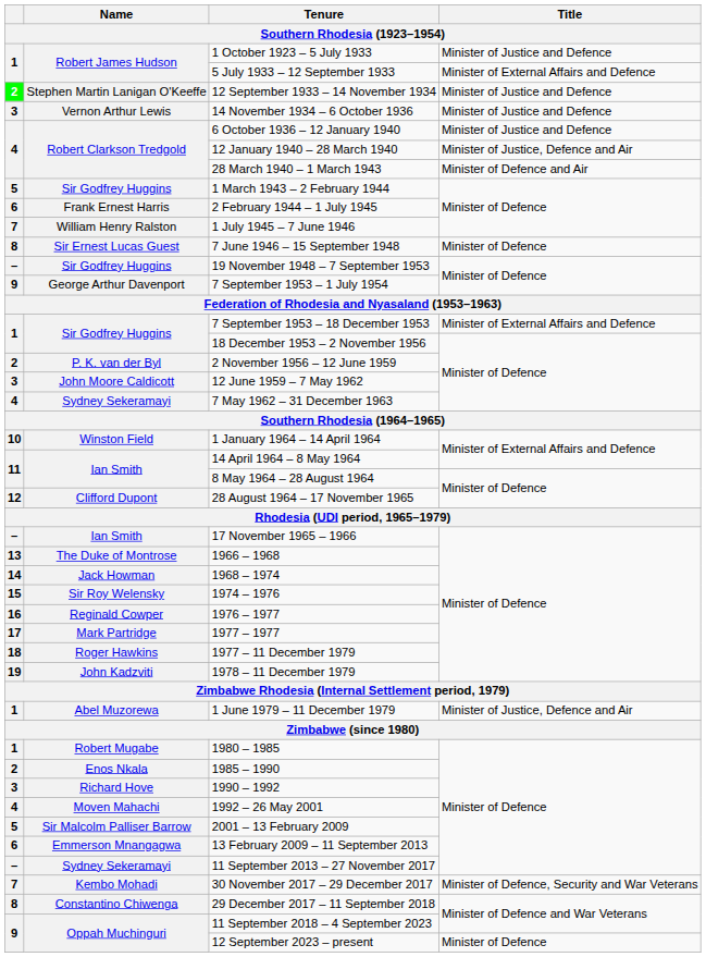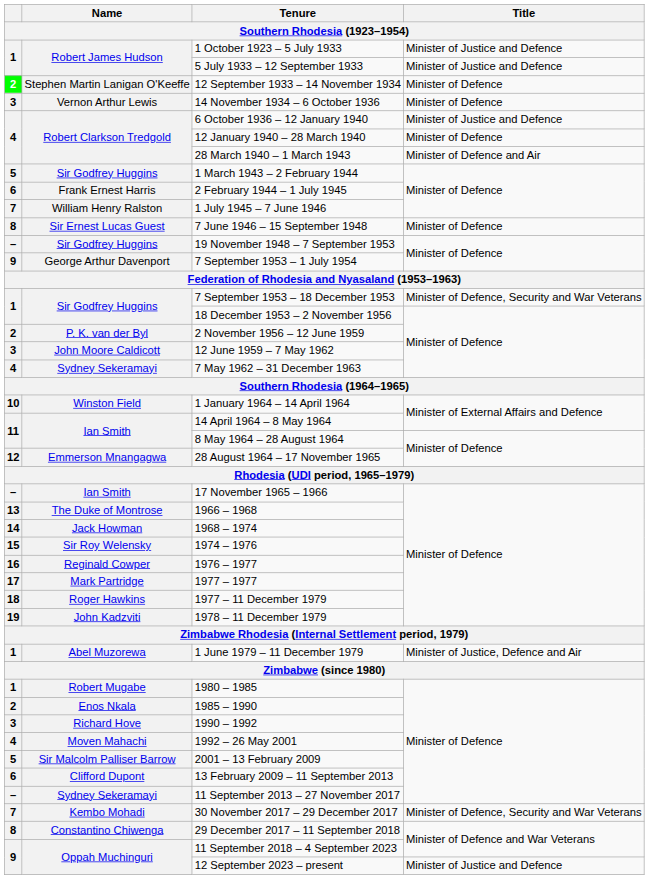 <table class="wikitable">
 <tr>
 <th></th>
 <th>Name</th>
 <th>Tenure</th>
 <th>Title</th>
 </tr>
 <tr>
 <th colspan="4" align="center"><a href='#'>Southern Rhodesia</a> (1923–1954)</th>
 </tr>
 <tr>
 <th rowspan="2" style="background-color:">1</th>
 <th rowspan="2" align="center" scope="row" style="font-weight:normal;"><a href='#'>Robert James Hudson</a></th>
 <td>1 October 1923 – 5 July 1933</td>
 <td>Minister of Justice and Defence</td>
 </tr>
 <tr>
 <td>5 July 1933 – 12 September 1933</td>
-<td>Minister of External Affairs and Defence</td>
+<td>Minister of Justice and Defence</td>
 </tr>
 <tr>
 <th style="background-color:Lime; color:white">2</th>
 <th align="center" scope="row" style="font-weight:normal;">Stephen Martin Lanigan O'Keeffe</th>
 <td>12 September 1933 – 14 November 1934</td>
-<td>Minister of Justice and Defence</td>
+<td>Minister of Defence</td>
 </tr>
 <tr>
 <th style="background-color:">3</th>
 <th align="center" scope="row" style="font-weight:normal;">Vernon Arthur Lewis</th>
 <td>14 November 1934 – 6 October 1936</td>
-<td>Minister of Justice and Defence</td>
+<td>Minister of Defence</td>
 </tr>
 <tr>
 <th rowspan="3" style="background-color:">4</th>
 <th rowspan="3" align="center" scope="row" style="font-weight:normal;"><a href='#'>Robert Clarkson Tredgold</a></th>
 <td>6 October 1936 – 12 January 1940</td>
 <td>Minister of Justice and Defence</td>
 </tr>
 <tr>
 <td>12 January 1940 – 28 March 1940</td>
-<td>Minister of Justice, Defence and Air</td>
+<td>Minister of Defence</td>
 </tr>
 <tr>
 <td>28 March 1940 – 1 March 1943</td>
 <td>Minister of Defence and Air</td>
 </tr>
 <tr>
 <th style="background-color:">5</th>
 <th align="center" scope="row" style="font-weight:normal;"><a href='#'>Sir Godfrey Huggins</a></th>
 <td>1 March 1943 – 2 February 1944</td>
 <td rowspan="3">Minister of Defence</td>
 </tr>
 <tr>
 <th style="background-color:">6</th>
 <th align="center" scope="row" style="font-weight:normal;">Frank Ernest Harris</th>
 <td>2 February 1944 – 1 July 1945</td>
 </tr>
 <tr>
 <th style="background-color:">7</th>
 <th align="center" scope="row" style="font-weight:normal;">William Henry Ralston</th>
 <td>1 July 1945 – 7 June 1946</td>
 </tr>
 <tr>
 <th style="background-color:">8</th>
 <th align="center" scope="row" style="font-weight:normal;"><a href='#'>Sir Ernest Lucas Guest</a></th>
 <td>7 June 1946 – 15 September 1948</td>
 <td>Minister of Defence</td>
 </tr>
 <tr>
 <th style="background-color:">–</th>
 <th align="center" scope="row" style="font-weight:normal;"><a href='#'>Sir Godfrey Huggins</a></th>
 <td>19 November 1948 – 7 September 1953</td>
 <td rowspan="2">Minister of Defence</td>
 </tr>
 <tr>
 <th style="background-color:">9</th>
 <th align="center" scope="row" style="font-weight:normal;">George Arthur Davenport</th>
 <td>7 September 1953 – 1 July 1954</td>
 </tr>
 <tr>
 <th colspan="4" align="center"><a href='#'>Federation of Rhodesia and Nyasaland</a> (1953–1963)</th>
 </tr>
 <tr>
 <th rowspan="2" style="background-color:">1</th>
 <th rowspan="2" align="center" scope="row" style="font-weight:normal;"><a href='#'>Sir Godfrey Huggins</a></th>
 <td>7 September 1953 – 18 December 1953</td>
-<td>Minister of External Affairs and Defence</td>
+<td>Minister of Defence, Security and War Veterans</td>
 </tr>
 <tr>
 <td>18 December 1953 – 2 November 1956</td>
 <td rowspan="4">Minister of Defence</td>
 </tr>
 <tr>
 <th style="background-color:">2</th>
 <th align="center" scope="row" style="font-weight:normal;"><a href='#'>P. K. van der Byl</a></th>
 <td>2 November 1956 – 12 June 1959</td>
 </tr>
 <tr>
 <th style="background-color:">3</th>
 <th align="center" scope="row" style="font-weight:normal;"><a href='#'>John Moore Caldicott</a></th>
 <td>12 June 1959 – 7 May 1962</td>
 </tr>
 <tr>
 <th style="background-color:">4</th>
 <th align="center" scope="row" style="font-weight:normal;"><a href='#'>Sydney Sekeramayi</a></th>
 <td>7 May 1962 – 31 December 1963</td>
 </tr>
 <tr>
 <th colspan="4" align="center"><a href='#'>Southern Rhodesia</a> (1964–1965)</th>
 </tr>
 <tr>
 <th style="background-color:">10</th>
 <th align="center" scope="row" style="font-weight:normal;"><a href='#'>Winston Field</a></th>
 <td>1 January 1964 – 14 April 1964</td>
 <td rowspan="2">Minister of External Affairs and Defence</td>
 </tr>
 <tr>
 <th rowspan="2" style="background-color:">11</th>
 <th rowspan="2" align="center" scope="row" style="font-weight:normal;"><a href='#'>Ian Smith</a></th>
 <td>14 April 1964 – 8 May 1964</td>
 </tr>
 <tr>
 <td>8 May 1964 – 28 August 1964</td>
 <td rowspan="2">Minister of Defence</td>
 </tr>
 <tr>
 <th style="background-color:">12</th>
-<th align="center" scope="row" style="font-weight:normal;"><a href='#'>Clifford Dupont</a></th>
+<th align="center" scope="row" style="font-weight:normal;"><a href='#'>Emmerson Mnangagwa</a></th>
 <td>28 August 1964 – 17 November 1965</td>
 </tr>
 <tr>
 <th colspan="4" align="center"><a href='#'>Rhodesia</a> (<a href='#'>UDI</a> period, 1965–1979)</th>
 </tr>
 <tr>
 <th style="background-color:">–</th>
 <th align="center" scope="row" style="font-weight:normal;"><a href='#'>Ian Smith</a></th>
 <td>17 November 1965 – 1966</td>
 <td rowspan="8">Minister of Defence</td>
 </tr>
 <tr>
 <th style="background-color:">13</th>
 <th align="center" scope="row" style="font-weight:normal;"><a href='#'>The Duke of Montrose</a></th>
 <td>1966 – 1968</td>
 </tr>
 <tr>
 <th style="background-color:">14</th>
 <th align="center" scope="row" style="font-weight:normal;"><a href='#'>Jack Howman</a></th>
 <td>1968 – 1974</td>
 </tr>
 <tr>
 <th style="background-color:">15</th>
 <th align="center" scope="row" style="font-weight:normal;"><a href='#'>Sir Roy Welensky</a></th>
 <td>1974 – 1976</td>
 </tr>
 <tr>
 <th style="background-color:">16</th>
 <th align="center" scope="row" style="font-weight:normal;"><a href='#'>Reginald Cowper</a></th>
 <td>1976 – 1977</td>
 </tr>
 <tr>
 <th style="background-color:">17</th>
 <th align="center" scope="row" style="font-weight:normal;"><a href='#'>Mark Partridge</a></th>
 <td>1977 – 1977</td>
 </tr>
 <tr>
 <th style="background-color:">18</th>
 <th align="center" scope="row" style="font-weight:normal;"><a href='#'>Roger Hawkins</a></th>
 <td>1977 – 11 December 1979</td>
 </tr>
 <tr>
 <th style="background-color:">19</th>
 <th align="center" scope="row" style="font-weight:normal;"><a href='#'>John Kadzviti</a></th>
 <td>1978 – 11 December 1979</td>
 </tr>
 <tr>
 <th colspan="5" align="center"><a href='#'>Zimbabwe Rhodesia</a> (<a href='#'>Internal Settlement</a> period, 1979)</th>
 </tr>
 <tr>
 <th style="background-color:">1</th>
 <th align="center" scope="row" style="font-weight:normal;"><a href='#'>Abel Muzorewa</a></th>
 <td>1 June 1979 – 11 December 1979</td>
 <td>Minister of Justice, Defence and Air</td>
 </tr>
 <tr>
 <th colspan="5" align="center"><a href='#'>Zimbabwe</a> (since 1980)</th>
 </tr>
 <tr>
 <th style="background-color:">1</th>
 <th align="center" scope="row" style="font-weight:normal;"><a href='#'>Robert Mugabe</a></th>
 <td>1980 – 1985</td>
 <td rowspan="7">Minister of Defence</td>
 </tr>
 <tr>
 <th style="background-color:">2</th>
 <th align="center" scope="row" style="font-weight:normal;"><a href='#'>Enos Nkala</a></th>
 <td>1985 – 1990</td>
 </tr>
 <tr>
 <th style="background-color:">3</th>
 <th align="center" scope="row" style="font-weight:normal;"><a href='#'>Richard Hove</a></th>
 <td>1990 – 1992</td>
 </tr>
 <tr>
 <th style="background-color:">4</th>
 <th align="center" scope="row" style="font-weight:normal;"><a href='#'>Moven Mahachi</a></th>
 <td>1992 – 26 May 2001</td>
 </tr>
 <tr>
 <th style="background-color:">5</th>
 <th align="center" scope="row" style="font-weight:normal;"><a href='#'>Sir Malcolm Palliser Barrow</a></th>
 <td>2001 – 13 February 2009</td>
 </tr>
 <tr>
 <th style="background-color:">6</th>
-<th align="center" scope="row" style="font-weight:normal;"><a href='#'>Emmerson Mnangagwa</a></th>
+<th align="center" scope="row" style="font-weight:normal;"><a href='#'>Clifford Dupont</a></th>
 <td>13 February 2009 – 11 September 2013</td>
 </tr>
 <tr>
 <th style="background-color:">–</th>
 <th align="center" scope="row" style="font-weight:normal;"><a href='#'>Sydney Sekeramayi</a></th>
 <td>11 September 2013 – 27 November 2017</td>
 </tr>
 <tr>
 <th style="background-color:">7</th>
 <th align="center" scope="row" style="font-weight:normal;"><a href='#'>Kembo Mohadi</a></th>
 <td>30 November 2017 – 29 December 2017</td>
 <td>Minister of Defence, Security and War Veterans</td>
 </tr>
 <tr>
 <th style="background-color:">8</th>
 <th align="center" scope="row" style="font-weight:normal;"><a href='#'>Constantino Chiwenga</a></th>
 <td>29 December 2017 – 11 September 2018</td>
 <td rowspan="2">Minister of Defence and War Veterans</td>
 </tr>
 <tr>
 <th rowspan="2" style="background-color:">9</th>
 <th rowspan="2"  align="center" scope="row" style="font-weight:normal;"><a href='#'>Oppah Muchinguri</a></th>
 <td>11 September 2018 – 4 September 2023</td>
 </tr>
 <tr>
 <td>12 September 2023 – present</td>
-<td>Minister of Defence</td>
+<td>Minister of Justice and Defence</td>
 </tr>
 </table>
